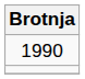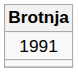 <table class="wikitable" style="margin: 0.5em auto; text-align: center;">
 <tr>
 <th colspan="1">Brotnja</th>
 </tr>
 <tr>
-<td>1990</td>
+<td>1991</td>
 </tr>
 <tr>
 <td></td>
 </tr>
 <tr>
 </tr>
 </table>
